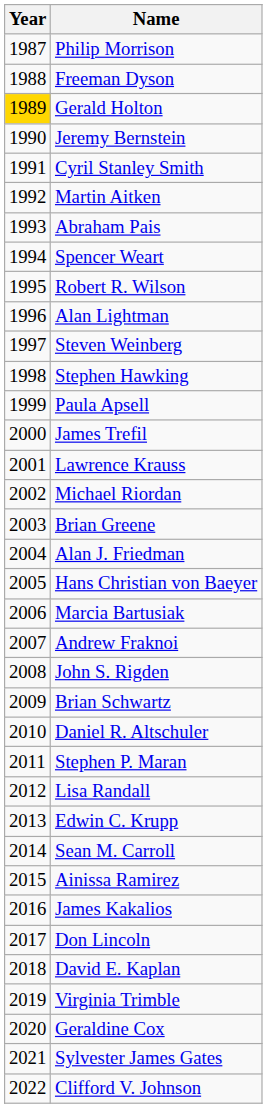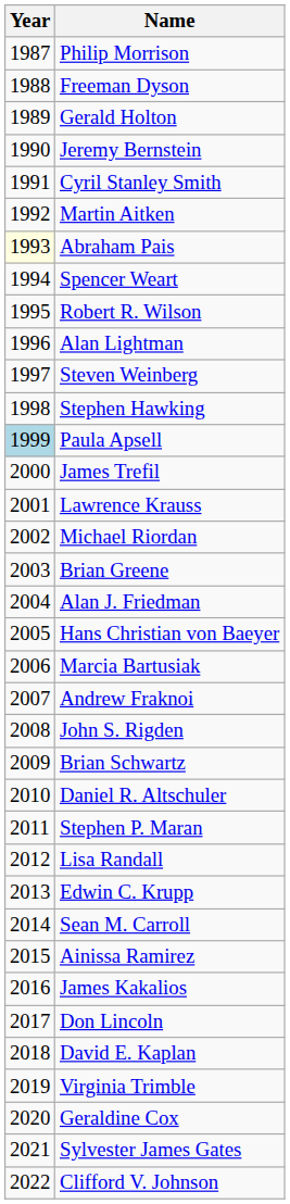 <table class="wikitable" align=center>
 <tr>
 <th>Year</th>
 <th>Name</th>
 </tr>
 <tr>
 <td>1987</td>
 <td><a href='#'>Philip Morrison</a></td>
 </tr>
 <tr>
 <td>1988</td>
 <td><a href='#'>Freeman Dyson</a></td>
 </tr>
 <tr>
-<td style="background: gold;">1989</td>
+<td>1989</td>
 <td><a href='#'>Gerald Holton</a></td>
 </tr>
 <tr>
 <td>1990</td>
 <td><a href='#'>Jeremy Bernstein</a></td>
 </tr>
 <tr>
 <td>1991</td>
 <td><a href='#'>Cyril Stanley Smith</a></td>
 </tr>
 <tr>
 <td>1992</td>
 <td><a href='#'>Martin Aitken</a></td>
 </tr>
 <tr>
-<td>1993</td>
+<td style="background: lightyellow;">1993</td>
 <td><a href='#'>Abraham Pais</a></td>
 </tr>
 <tr>
 <td>1994</td>
 <td><a href='#'>Spencer Weart</a></td>
 </tr>
 <tr>
 <td>1995</td>
 <td><a href='#'>Robert R. Wilson</a></td>
 </tr>
 <tr>
 <td>1996</td>
 <td><a href='#'>Alan Lightman</a></td>
 </tr>
 <tr>
 <td>1997</td>
 <td><a href='#'>Steven Weinberg</a></td>
 </tr>
 <tr>
 <td>1998</td>
 <td><a href='#'>Stephen Hawking</a></td>
 </tr>
 <tr>
-<td>1999</td>
+<td style="background: lightblue;">1999</td>
 <td><a href='#'>Paula Apsell</a></td>
 </tr>
 <tr>
 <td>2000</td>
 <td><a href='#'>James Trefil</a></td>
 </tr>
 <tr>
 <td>2001</td>
 <td><a href='#'>Lawrence Krauss</a></td>
 </tr>
 <tr>
 <td>2002</td>
 <td><a href='#'>Michael Riordan</a></td>
 </tr>
 <tr>
 <td>2003</td>
 <td><a href='#'>Brian Greene</a></td>
 </tr>
 <tr>
 <td>2004</td>
 <td><a href='#'>Alan J. Friedman</a></td>
 </tr>
 <tr>
 <td>2005</td>
 <td><a href='#'>Hans Christian von Baeyer</a></td>
 </tr>
 <tr>
 <td>2006</td>
 <td><a href='#'>Marcia Bartusiak</a></td>
 </tr>
 <tr>
 <td>2007</td>
 <td><a href='#'>Andrew Fraknoi</a></td>
 </tr>
 <tr>
 <td>2008</td>
 <td><a href='#'>John S. Rigden</a></td>
 </tr>
 <tr>
 <td>2009</td>
 <td><a href='#'>Brian Schwartz</a></td>
 </tr>
 <tr>
 <td>2010</td>
 <td><a href='#'>Daniel R. Altschuler</a></td>
 </tr>
 <tr>
 <td>2011</td>
 <td><a href='#'>Stephen P. Maran</a></td>
 </tr>
 <tr>
 <td>2012</td>
 <td><a href='#'>Lisa Randall</a></td>
 </tr>
 <tr>
 <td>2013</td>
 <td><a href='#'>Edwin C. Krupp</a></td>
 </tr>
 <tr>
 <td>2014</td>
 <td><a href='#'>Sean M. Carroll</a></td>
 </tr>
 <tr>
 <td>2015</td>
 <td><a href='#'>Ainissa Ramirez</a></td>
 </tr>
 <tr>
 <td>2016</td>
 <td><a href='#'>James Kakalios</a></td>
 </tr>
 <tr>
 <td>2017</td>
 <td><a href='#'>Don Lincoln</a></td>
 </tr>
 <tr>
 <td>2018</td>
 <td><a href='#'>David E. Kaplan</a></td>
 </tr>
 <tr>
 <td>2019</td>
 <td><a href='#'>Virginia Trimble</a></td>
 </tr>
 <tr>
 <td>2020</td>
 <td><a href='#'>Geraldine Cox</a></td>
 </tr>
 <tr>
 <td>2021</td>
 <td><a href='#'>Sylvester James Gates</a></td>
 </tr>
 <tr>
 <td>2022</td>
 <td><a href='#'>Clifford V. Johnson</a></td>
 </tr>
 </table>
